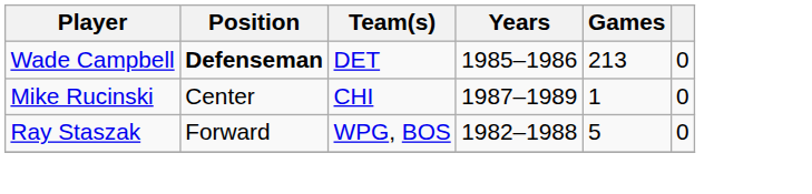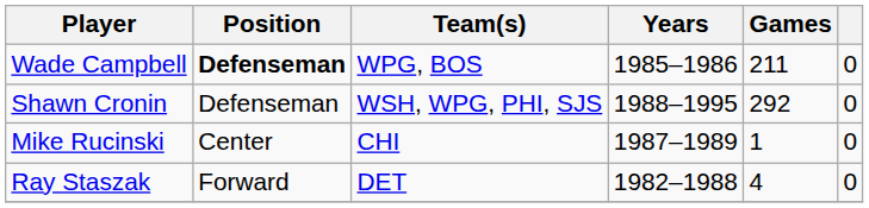 <table class="wikitable">
 <tr>
 <th>Player</th>
 <th>Position</th>
 <th>Team(s)</th>
 <th>Years</th>
 <th>Games</th>
 <th><a href='#'></a></th>
 </tr>
 <tr>
 <td><a href='#'>Wade Campbell</a></td>
 <td><strong>Defenseman</strong></td>
-<td><a href='#'>DET</a></td>
+<td><a href='#'>WPG</a>, <a href='#'>BOS</a></td>
 <td>1985–1986</td>
-<td>213</td>
+<td>211</td>
+<td>0</td>
+</tr>
+<tr>
+<td><a href='#'>Shawn Cronin</a></td>
+<td>Defenseman</td>
+<td><a href='#'>WSH</a>, <a href='#'>WPG</a>, <a href='#'>PHI</a>, <a href='#'>SJS</a></td>
+<td>1988–1995</td>
+<td>292</td>
 <td>0</td>
 </tr>
 <tr>
 <td><a href='#'>Mike Rucinski</a></td>
 <td>Center</td>
 <td><a href='#'>CHI</a></td>
 <td>1987–1989</td>
 <td>1</td>
 <td>0</td>
 </tr>
 <tr>
 <td><a href='#'>Ray Staszak</a></td>
 <td>Forward</td>
-<td><a href='#'>WPG</a>, <a href='#'>BOS</a></td>
+<td><a href='#'>DET</a></td>
 <td>1982–1988</td>
-<td>5</td>
+<td>4</td>
 <td>0</td>
 </tr>
 <tr>
 </tr>
 </table>
